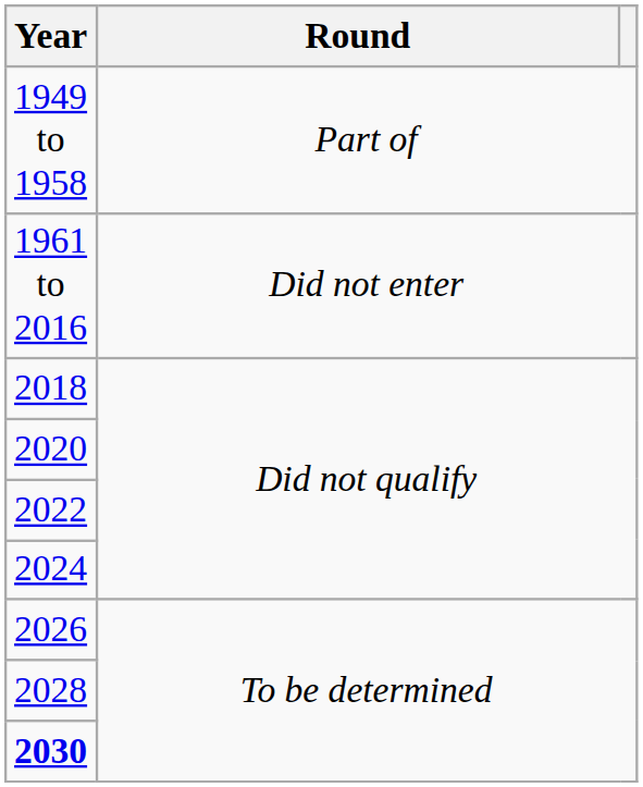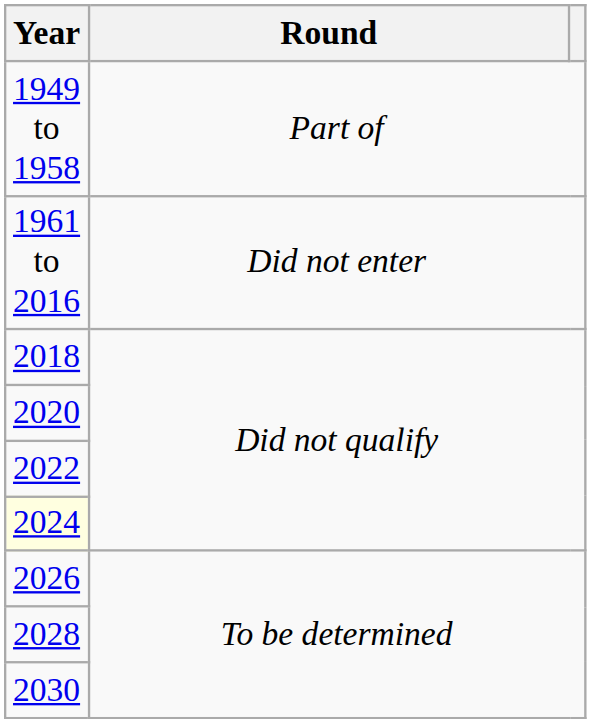 <table class="wikitable" style="text-align: center; font-size:90%">
 <tr>
 <th>Year</th>
 <th style="width:200px">Round</th>
 <th></th>
 </tr>
 <tr>
 <td><a href='#'>1949</a><br>to<br><a href='#'>1958</a></td>
 <td colspan="2"><em>Part of </em></td>
 </tr>
 <tr>
 <td><a href='#'>1961</a><br>to<br><a href='#'>2016</a></td>
 <td colspan="2"><em>Did not enter</em></td>
 </tr>
 <tr>
 <td><a href='#'>2018</a></td>
 <td colspan="2" rowspan="4"><em>Did not qualify</em></td>
 </tr>
 <tr>
 <td><a href='#'>2020</a></td>
 </tr>
 <tr>
 <td><a href='#'>2022</a></td>
 </tr>
 <tr>
-<td><a href='#'>2024</a></td>
+<td style="background: lightyellow;"><a href='#'>2024</a></td>
 </tr>
 <tr>
 <td><a href='#'>2026</a></td>
 <td colspan="2" rowspan="3"><em>To be determined</em></td>
 </tr>
 <tr>
 <td><a href='#'>2028</a></td>
 </tr>
 <tr>
-<td><strong><a href='#'>2030</a></strong></td>
+<td><a href='#'>2030</a></td>
 </tr>
 </table>
